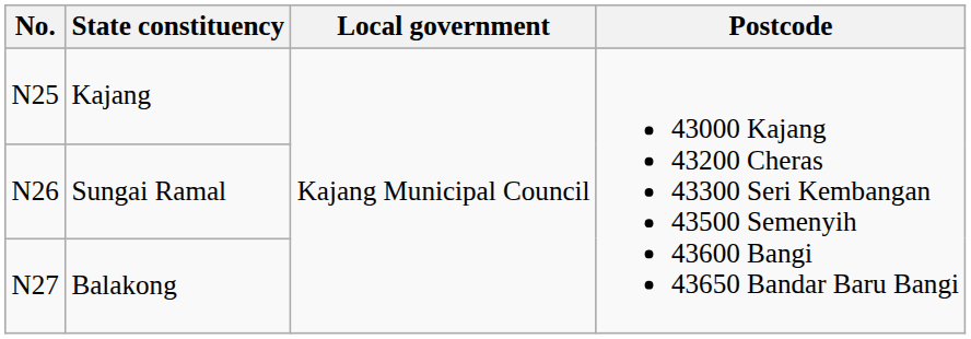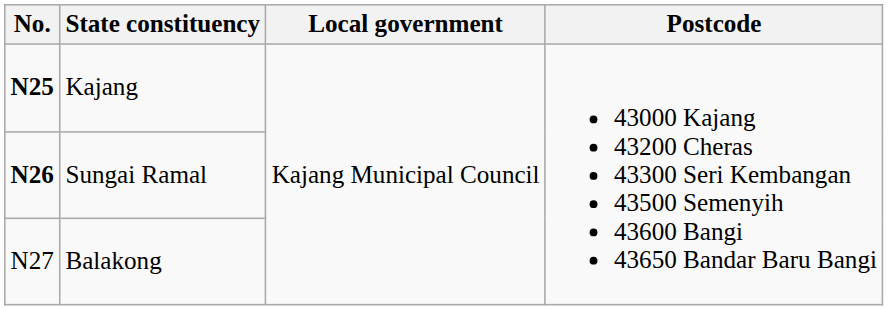 <table class="wikitable">
 <tr>
 <th>No.</th>
 <th>State constituency</th>
 <th>Local government</th>
 <th>Postcode</th>
 </tr>
 <tr>
-<td>N25</td>
+<td><strong>N25</strong></td>
 <td>Kajang</td>
 <td rowspan="3">Kajang Municipal Council</td>
 <td rowspan="3"><br><ul><li>43000 Kajang</li><li>43200 Cheras</li><li>43300 Seri Kembangan</li><li>43500 Semenyih</li><li>43600 Bangi</li><li>43650 Bandar Baru Bangi</li></ul></td>
 </tr>
 <tr>
-<td>N26</td>
+<td><strong>N26</strong></td>
 <td>Sungai Ramal</td>
 </tr>
 <tr>
 <td>N27</td>
 <td>Balakong</td>
 </tr>
 </table>
